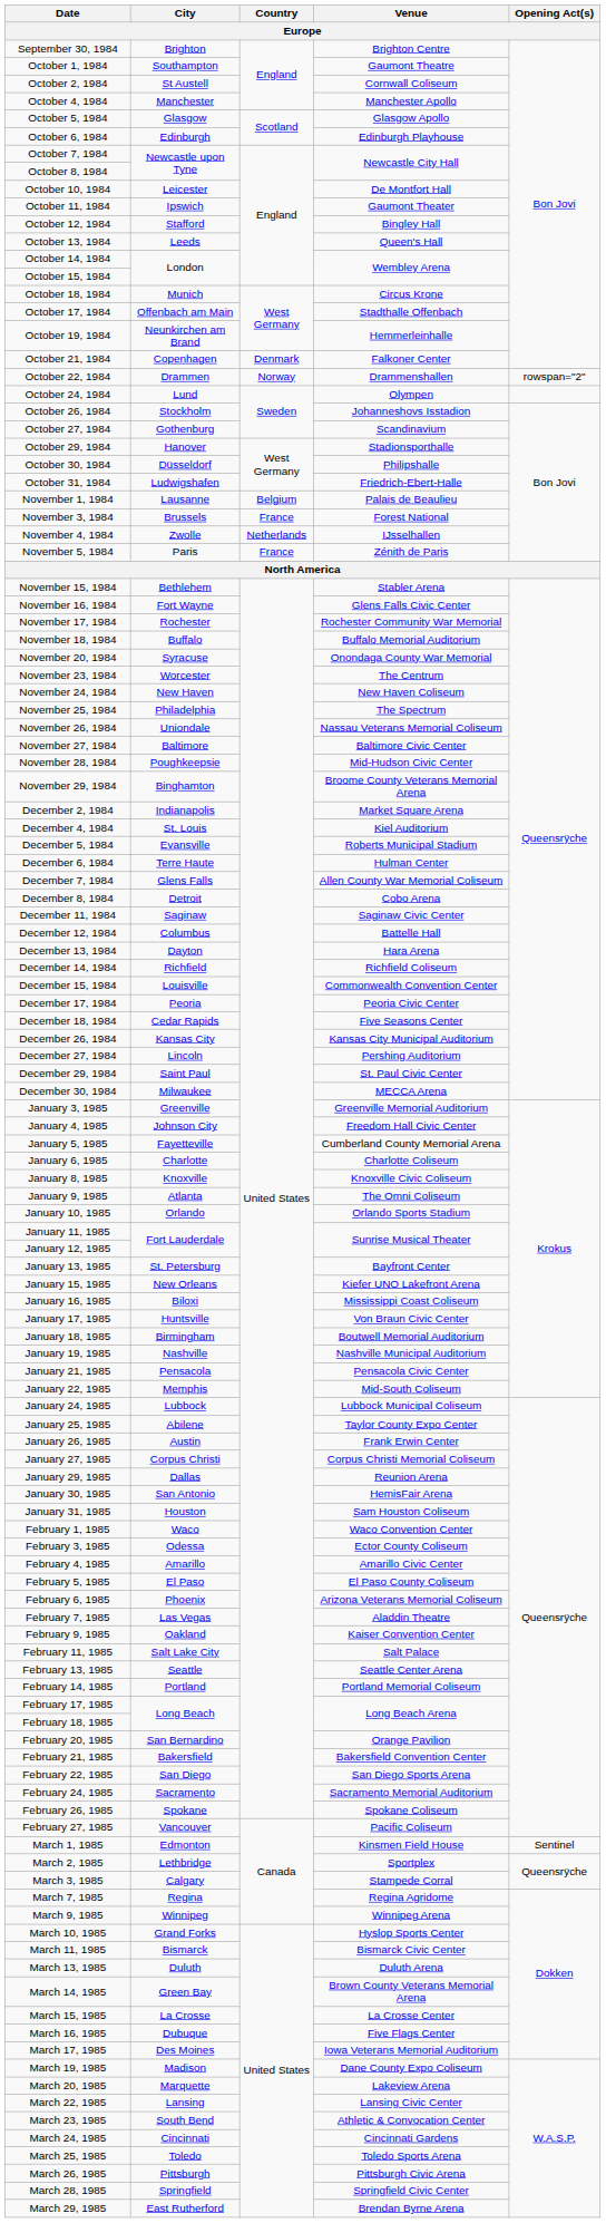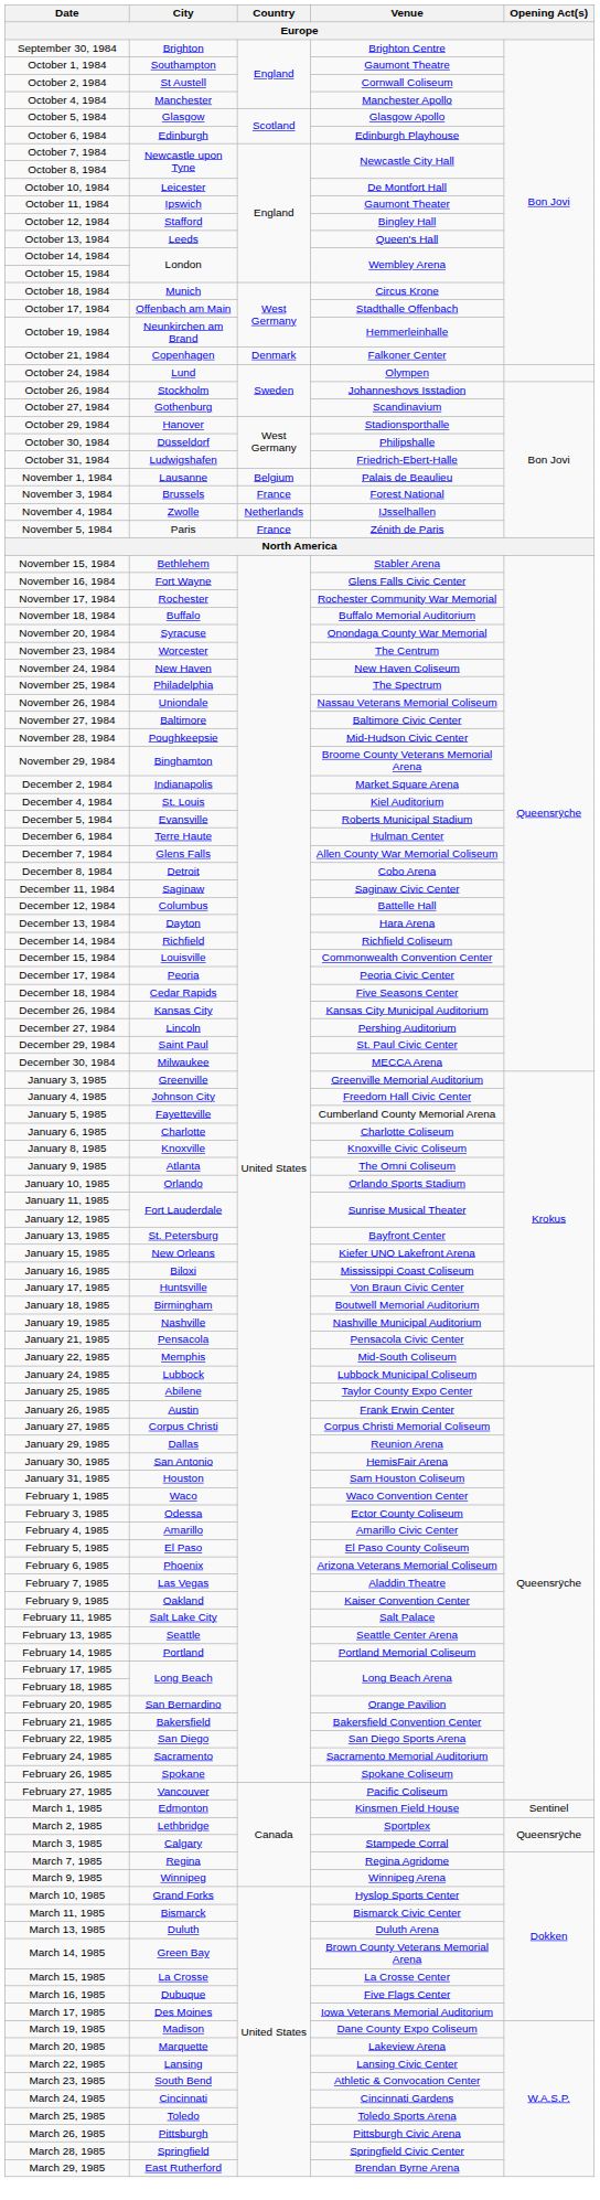 <table class="wikitable" style="text-align:center;">
 <tr>
 <th width="175">Date</th>
 <th width="150">City</th>
 <th width="100">Country</th>
 <th width="275">Venue</th>
 <th width="125">Opening Act(s)</th>
 </tr>
 <tr>
 <th colspan="5">Europe</th>
 </tr>
 <tr>
 <td>September 30, 1984</td>
 <td><a href='#'>Brighton</a></td>
 <td rowspan="4"><a href='#'>England</a></td>
 <td><a href='#'>Brighton Centre</a></td>
 <td rowspan="18"><a href='#'>Bon Jovi</a></td>
 </tr>
 <tr>
 <td>October 1, 1984</td>
 <td><a href='#'>Southampton</a></td>
 <td><a href='#'>Gaumont Theatre</a></td>
 </tr>
 <tr>
 <td>October 2, 1984</td>
 <td><a href='#'>St Austell</a></td>
 <td><a href='#'>Cornwall Coliseum</a></td>
 </tr>
 <tr>
 <td>October 4, 1984</td>
 <td><a href='#'>Manchester</a></td>
 <td><a href='#'>Manchester Apollo</a></td>
 </tr>
 <tr>
 <td>October 5, 1984</td>
 <td><a href='#'>Glasgow</a></td>
 <td rowspan="2"><a href='#'>Scotland</a></td>
 <td><a href='#'>Glasgow Apollo</a></td>
 </tr>
 <tr>
 <td>October 6, 1984</td>
 <td><a href='#'>Edinburgh</a></td>
 <td><a href='#'>Edinburgh Playhouse</a></td>
 </tr>
 <tr>
 <td>October 7, 1984</td>
 <td rowspan="2"><a href='#'>Newcastle upon Tyne</a></td>
 <td rowspan="8">England</td>
 <td rowspan="2"><a href='#'>Newcastle City Hall</a></td>
 </tr>
 <tr>
 <td>October 8, 1984</td>
 </tr>
 <tr>
 <td>October 10, 1984</td>
 <td><a href='#'>Leicester</a></td>
 <td><a href='#'>De Montfort Hall</a></td>
 </tr>
 <tr>
 <td>October 11, 1984</td>
 <td><a href='#'>Ipswich</a></td>
 <td><a href='#'>Gaumont Theater</a></td>
 </tr>
 <tr>
 <td>October 12, 1984</td>
 <td><a href='#'>Stafford</a></td>
 <td><a href='#'>Bingley Hall</a></td>
 </tr>
 <tr>
 <td>October 13, 1984</td>
 <td><a href='#'>Leeds</a></td>
 <td><a href='#'>Queen's Hall</a></td>
 </tr>
 <tr>
 <td>October 14, 1984</td>
 <td rowspan="2">London</td>
 <td rowspan="2"><a href='#'>Wembley Arena</a></td>
 </tr>
 <tr>
 <td>October 15, 1984</td>
 </tr>
 <tr>
 <td>October 18, 1984</td>
 <td><a href='#'>Munich</a></td>
 <td rowspan="3"><a href='#'>West Germany</a></td>
 <td><a href='#'>Circus Krone</a></td>
 </tr>
 <tr>
 <td>October 17, 1984</td>
 <td><a href='#'>Offenbach am Main</a></td>
 <td><a href='#'>Stadthalle Offenbach</a></td>
 </tr>
 <tr>
 <td>October 19, 1984</td>
 <td><a href='#'>Neunkirchen am Brand</a></td>
 <td><a href='#'>Hemmerleinhalle</a></td>
 </tr>
 <tr>
 <td>October 21, 1984</td>
 <td><a href='#'>Copenhagen</a></td>
 <td><a href='#'>Denmark</a></td>
 <td><a href='#'>Falkoner Center</a></td>
-</tr>
-<tr>
-<td>October 22, 1984</td>
-<td><a href='#'>Drammen</a></td>
-<td><a href='#'>Norway</a></td>
-<td><a href='#'>Drammenshallen</a></td>
-<td>rowspan="2" </td>
 </tr>
 <tr>
 <td>October 24, 1984</td>
 <td><a href='#'>Lund</a></td>
 <td rowspan="3"><a href='#'>Sweden</a></td>
 <td><a href='#'>Olympen</a></td>
 </tr>
 <tr>
 <td>October 26, 1984</td>
 <td><a href='#'>Stockholm</a></td>
 <td><a href='#'>Johanneshovs Isstadion</a></td>
 <td rowspan="9">Bon Jovi</td>
 </tr>
 <tr>
 <td>October 27, 1984</td>
 <td><a href='#'>Gothenburg</a></td>
 <td><a href='#'>Scandinavium</a></td>
 </tr>
 <tr>
 <td>October 29, 1984</td>
 <td><a href='#'>Hanover</a></td>
 <td rowspan="3">West Germany</td>
 <td><a href='#'>Stadionsporthalle</a></td>
 </tr>
 <tr>
 <td>October 30, 1984</td>
 <td><a href='#'>Düsseldorf</a></td>
 <td><a href='#'>Philipshalle</a></td>
 </tr>
 <tr>
 <td>October 31, 1984</td>
 <td><a href='#'>Ludwigshafen</a></td>
 <td><a href='#'>Friedrich-Ebert-Halle</a></td>
 </tr>
 <tr>
 <td>November 1, 1984</td>
 <td><a href='#'>Lausanne</a></td>
 <td><a href='#'>Belgium</a></td>
 <td><a href='#'>Palais de Beaulieu</a></td>
 </tr>
 <tr>
 <td>November 3, 1984</td>
 <td><a href='#'>Brussels</a></td>
 <td><a href='#'>France</a></td>
 <td><a href='#'>Forest National</a></td>
 </tr>
 <tr>
 <td>November 4, 1984</td>
 <td><a href='#'>Zwolle</a></td>
 <td><a href='#'>Netherlands</a></td>
 <td><a href='#'>IJsselhallen</a></td>
 </tr>
 <tr>
 <td>November 5, 1984</td>
 <td>Paris</td>
 <td><a href='#'>France</a></td>
 <td><a href='#'>Zénith de Paris</a></td>
 </tr>
 <tr>
 <th colspan="5">North America</th>
 </tr>
 <tr>
 <td>November 15, 1984</td>
 <td><a href='#'>Bethlehem</a></td>
 <td rowspan="70">United States</td>
 <td><a href='#'>Stabler Arena</a></td>
 <td rowspan="29"><a href='#'>Queensrÿche</a></td>
 </tr>
 <tr>
 <td>November 16, 1984</td>
 <td><a href='#'>Fort Wayne</a></td>
 <td><a href='#'>Glens Falls Civic Center</a></td>
 </tr>
 <tr>
 <td>November 17, 1984</td>
 <td><a href='#'>Rochester</a></td>
 <td><a href='#'>Rochester Community War Memorial</a></td>
 </tr>
 <tr>
 <td>November 18, 1984</td>
 <td><a href='#'>Buffalo</a></td>
 <td><a href='#'>Buffalo Memorial Auditorium</a></td>
 </tr>
 <tr>
 <td>November 20, 1984</td>
 <td><a href='#'>Syracuse</a></td>
 <td><a href='#'>Onondaga County War Memorial</a></td>
 </tr>
 <tr>
 <td>November 23, 1984</td>
 <td><a href='#'>Worcester</a></td>
 <td><a href='#'>The Centrum</a></td>
 </tr>
 <tr>
 <td>November 24, 1984</td>
 <td><a href='#'>New Haven</a></td>
 <td><a href='#'>New Haven Coliseum</a></td>
 </tr>
 <tr>
 <td>November 25, 1984</td>
 <td><a href='#'>Philadelphia</a></td>
 <td><a href='#'>The Spectrum</a></td>
 </tr>
 <tr>
 <td>November 26, 1984</td>
 <td><a href='#'>Uniondale</a></td>
 <td><a href='#'>Nassau Veterans Memorial Coliseum</a></td>
 </tr>
 <tr>
 <td>November 27, 1984</td>
 <td><a href='#'>Baltimore</a></td>
 <td><a href='#'>Baltimore Civic Center</a></td>
 </tr>
 <tr>
 <td>November 28, 1984</td>
 <td><a href='#'>Poughkeepsie</a></td>
 <td><a href='#'>Mid-Hudson Civic Center</a></td>
 </tr>
 <tr>
 <td>November 29, 1984</td>
 <td><a href='#'>Binghamton</a></td>
 <td><a href='#'>Broome County Veterans Memorial Arena</a></td>
 </tr>
 <tr>
 <td>December 2, 1984</td>
 <td><a href='#'>Indianapolis</a></td>
 <td><a href='#'>Market Square Arena</a></td>
 </tr>
 <tr>
 <td>December 4, 1984</td>
 <td><a href='#'>St. Louis</a></td>
 <td><a href='#'>Kiel Auditorium</a></td>
 </tr>
 <tr>
 <td>December 5, 1984</td>
 <td><a href='#'>Evansville</a></td>
 <td><a href='#'>Roberts Municipal Stadium</a></td>
 </tr>
 <tr>
 <td>December 6, 1984</td>
 <td><a href='#'>Terre Haute</a></td>
 <td><a href='#'>Hulman Center</a></td>
 </tr>
 <tr>
 <td>December 7, 1984</td>
 <td><a href='#'>Glens Falls</a></td>
 <td><a href='#'>Allen County War Memorial Coliseum</a></td>
 </tr>
 <tr>
 <td>December 8, 1984</td>
 <td><a href='#'>Detroit</a></td>
 <td><a href='#'>Cobo Arena</a></td>
 </tr>
 <tr>
 <td>December 11, 1984</td>
 <td><a href='#'>Saginaw</a></td>
 <td><a href='#'>Saginaw Civic Center</a></td>
 </tr>
 <tr>
 <td>December 12, 1984</td>
 <td><a href='#'>Columbus</a></td>
 <td><a href='#'>Battelle Hall</a></td>
 </tr>
 <tr>
 <td>December 13, 1984</td>
 <td><a href='#'>Dayton</a></td>
 <td><a href='#'>Hara Arena</a></td>
 </tr>
 <tr>
 <td>December 14, 1984</td>
 <td><a href='#'>Richfield</a></td>
 <td><a href='#'>Richfield Coliseum</a></td>
 </tr>
 <tr>
 <td>December 15, 1984</td>
 <td><a href='#'>Louisville</a></td>
 <td><a href='#'>Commonwealth Convention Center</a></td>
 </tr>
 <tr>
 <td>December 17, 1984</td>
 <td><a href='#'>Peoria</a></td>
 <td><a href='#'>Peoria Civic Center</a></td>
 </tr>
 <tr>
 <td>December 18, 1984</td>
 <td><a href='#'>Cedar Rapids</a></td>
 <td><a href='#'>Five Seasons Center</a></td>
 </tr>
 <tr>
 <td>December 26, 1984</td>
 <td><a href='#'>Kansas City</a></td>
 <td><a href='#'>Kansas City Municipal Auditorium</a></td>
 </tr>
 <tr>
 <td>December 27, 1984</td>
 <td><a href='#'>Lincoln</a></td>
 <td><a href='#'>Pershing Auditorium</a></td>
 </tr>
 <tr>
 <td>December 29, 1984</td>
 <td><a href='#'>Saint Paul</a></td>
 <td><a href='#'>St. Paul Civic Center</a></td>
 </tr>
 <tr>
 <td>December 30, 1984</td>
 <td><a href='#'>Milwaukee</a></td>
 <td><a href='#'>MECCA Arena</a></td>
 </tr>
 <tr>
 <td>January 3, 1985</td>
 <td><a href='#'>Greenville</a></td>
 <td><a href='#'>Greenville Memorial Auditorium</a></td>
 <td rowspan="17"><a href='#'>Krokus</a></td>
 </tr>
 <tr>
 <td>January 4, 1985</td>
 <td><a href='#'>Johnson City</a></td>
 <td><a href='#'>Freedom Hall Civic Center</a></td>
 </tr>
 <tr>
 <td>January 5, 1985</td>
 <td><a href='#'>Fayetteville</a></td>
 <td>Cumberland County Memorial Arena</td>
 </tr>
 <tr>
 <td>January 6, 1985</td>
 <td><a href='#'>Charlotte</a></td>
 <td><a href='#'>Charlotte Coliseum</a></td>
 </tr>
 <tr>
 <td>January 8, 1985</td>
 <td><a href='#'>Knoxville</a></td>
 <td><a href='#'>Knoxville Civic Coliseum</a></td>
 </tr>
 <tr>
 <td>January 9, 1985</td>
 <td><a href='#'>Atlanta</a></td>
 <td><a href='#'>The Omni Coliseum</a></td>
 </tr>
 <tr>
 <td>January 10, 1985</td>
 <td><a href='#'>Orlando</a></td>
 <td><a href='#'>Orlando Sports Stadium</a></td>
 </tr>
 <tr>
 <td>January 11, 1985</td>
 <td rowspan="2"><a href='#'>Fort Lauderdale</a></td>
 <td rowspan="2"><a href='#'>Sunrise Musical Theater</a></td>
 </tr>
 <tr>
 <td>January 12, 1985</td>
 </tr>
 <tr>
 <td>January 13, 1985</td>
 <td><a href='#'>St. Petersburg</a></td>
 <td><a href='#'>Bayfront Center</a></td>
 </tr>
 <tr>
 <td>January 15, 1985</td>
 <td><a href='#'>New Orleans</a></td>
 <td><a href='#'>Kiefer UNO Lakefront Arena</a></td>
 </tr>
 <tr>
 <td>January 16, 1985</td>
 <td><a href='#'>Biloxi</a></td>
 <td><a href='#'>Mississippi Coast Coliseum</a></td>
 </tr>
 <tr>
 <td>January 17, 1985</td>
 <td><a href='#'>Huntsville</a></td>
 <td><a href='#'>Von Braun Civic Center</a></td>
 </tr>
 <tr>
 <td>January 18, 1985</td>
 <td><a href='#'>Birmingham</a></td>
 <td><a href='#'>Boutwell Memorial Auditorium</a></td>
 </tr>
 <tr>
 <td>January 19, 1985</td>
 <td><a href='#'>Nashville</a></td>
 <td><a href='#'>Nashville Municipal Auditorium</a></td>
 </tr>
 <tr>
 <td>January 21, 1985</td>
 <td><a href='#'>Pensacola</a></td>
 <td><a href='#'>Pensacola Civic Center</a></td>
 </tr>
 <tr>
 <td>January 22, 1985</td>
 <td><a href='#'>Memphis</a></td>
 <td><a href='#'>Mid-South Coliseum</a></td>
 </tr>
 <tr>
 <td>January 24, 1985</td>
 <td><a href='#'>Lubbock</a></td>
 <td><a href='#'>Lubbock Municipal Coliseum</a></td>
 <td rowspan="25">Queensrÿche</td>
 </tr>
 <tr>
 <td>January 25, 1985</td>
 <td><a href='#'>Abilene</a></td>
 <td><a href='#'>Taylor County Expo Center</a></td>
 </tr>
 <tr>
 <td>January 26, 1985</td>
 <td><a href='#'>Austin</a></td>
 <td><a href='#'>Frank Erwin Center</a></td>
 </tr>
 <tr>
 <td>January 27, 1985</td>
 <td><a href='#'>Corpus Christi</a></td>
 <td><a href='#'>Corpus Christi Memorial Coliseum</a></td>
 </tr>
 <tr>
 <td>January 29, 1985</td>
 <td><a href='#'>Dallas</a></td>
 <td><a href='#'>Reunion Arena</a></td>
 </tr>
 <tr>
 <td>January 30, 1985</td>
 <td><a href='#'>San Antonio</a></td>
 <td><a href='#'>HemisFair Arena</a></td>
 </tr>
 <tr>
 <td>January 31, 1985</td>
 <td><a href='#'>Houston</a></td>
 <td><a href='#'>Sam Houston Coliseum</a></td>
 </tr>
 <tr>
 <td>February 1, 1985</td>
 <td><a href='#'>Waco</a></td>
 <td><a href='#'>Waco Convention Center</a></td>
 </tr>
 <tr>
 <td>February 3, 1985</td>
 <td><a href='#'>Odessa</a></td>
 <td><a href='#'>Ector County Coliseum</a></td>
 </tr>
 <tr>
 <td>February 4, 1985</td>
 <td><a href='#'>Amarillo</a></td>
 <td><a href='#'>Amarillo Civic Center</a></td>
 </tr>
 <tr>
 <td>February 5, 1985</td>
 <td><a href='#'>El Paso</a></td>
 <td><a href='#'>El Paso County Coliseum</a></td>
 </tr>
 <tr>
 <td>February 6, 1985</td>
 <td><a href='#'>Phoenix</a></td>
 <td><a href='#'>Arizona Veterans Memorial Coliseum</a></td>
 </tr>
 <tr>
 <td>February 7, 1985</td>
 <td><a href='#'>Las Vegas</a></td>
 <td><a href='#'>Aladdin Theatre</a></td>
 </tr>
 <tr>
 <td>February 9, 1985</td>
 <td><a href='#'>Oakland</a></td>
 <td><a href='#'>Kaiser Convention Center</a></td>
 </tr>
 <tr>
 <td>February 11, 1985</td>
 <td><a href='#'>Salt Lake City</a></td>
 <td><a href='#'>Salt Palace</a></td>
 </tr>
 <tr>
 <td>February 13, 1985</td>
 <td><a href='#'>Seattle</a></td>
 <td><a href='#'>Seattle Center Arena</a></td>
 </tr>
 <tr>
 <td>February 14, 1985</td>
 <td><a href='#'>Portland</a></td>
 <td><a href='#'>Portland Memorial Coliseum</a></td>
 </tr>
 <tr>
 <td>February 17, 1985</td>
 <td rowspan="2"><a href='#'>Long Beach</a></td>
 <td rowspan="2"><a href='#'>Long Beach Arena</a></td>
 </tr>
 <tr>
 <td>February 18, 1985</td>
 </tr>
 <tr>
 <td>February 20, 1985</td>
 <td><a href='#'>San Bernardino</a></td>
 <td><a href='#'>Orange Pavilion</a></td>
 </tr>
 <tr>
 <td>February 21, 1985</td>
 <td><a href='#'>Bakersfield</a></td>
 <td><a href='#'>Bakersfield Convention Center</a></td>
 </tr>
 <tr>
 <td>February 22, 1985</td>
 <td><a href='#'>San Diego</a></td>
 <td><a href='#'>San Diego Sports Arena</a></td>
 </tr>
 <tr>
 <td>February 24, 1985</td>
 <td><a href='#'>Sacramento</a></td>
 <td><a href='#'>Sacramento Memorial Auditorium</a></td>
 </tr>
 <tr>
 <td>February 26, 1985</td>
 <td><a href='#'>Spokane</a></td>
 <td><a href='#'>Spokane Coliseum</a></td>
 </tr>
 <tr>
 <td>February 27, 1985</td>
 <td><a href='#'>Vancouver</a></td>
 <td rowspan="6">Canada</td>
 <td><a href='#'>Pacific Coliseum</a></td>
 </tr>
 <tr>
 <td>March 1, 1985</td>
 <td><a href='#'>Edmonton</a></td>
 <td><a href='#'>Kinsmen Field House</a></td>
 <td>Sentinel</td>
 </tr>
 <tr>
 <td>March 2, 1985</td>
 <td><a href='#'>Lethbridge</a></td>
 <td><a href='#'>Sportplex</a></td>
 <td rowspan="2">Queensrÿche</td>
 </tr>
 <tr>
 <td>March 3, 1985</td>
 <td><a href='#'>Calgary</a></td>
 <td><a href='#'>Stampede Corral</a></td>
 </tr>
 <tr>
 <td>March 7, 1985</td>
 <td><a href='#'>Regina</a></td>
 <td><a href='#'>Regina Agridome</a></td>
 <td rowspan="9"><a href='#'>Dokken</a></td>
 </tr>
 <tr>
 <td>March 9, 1985</td>
 <td><a href='#'>Winnipeg</a></td>
 <td><a href='#'>Winnipeg Arena</a></td>
 </tr>
 <tr>
 <td>March 10, 1985</td>
 <td><a href='#'>Grand Forks</a></td>
 <td rowspan="16">United States</td>
 <td><a href='#'>Hyslop Sports Center</a></td>
 </tr>
 <tr>
 <td>March 11, 1985</td>
 <td><a href='#'>Bismarck</a></td>
 <td><a href='#'>Bismarck Civic Center</a></td>
 </tr>
 <tr>
 <td>March 13, 1985</td>
 <td><a href='#'>Duluth</a></td>
 <td><a href='#'>Duluth Arena</a></td>
 </tr>
 <tr>
 <td>March 14, 1985</td>
 <td><a href='#'>Green Bay</a></td>
 <td><a href='#'>Brown County Veterans Memorial Arena</a></td>
 </tr>
 <tr>
 <td>March 15, 1985</td>
 <td><a href='#'>La Crosse</a></td>
 <td><a href='#'>La Crosse Center</a></td>
 </tr>
 <tr>
 <td>March 16, 1985</td>
 <td><a href='#'>Dubuque</a></td>
 <td><a href='#'>Five Flags Center</a></td>
 </tr>
 <tr>
 <td>March 17, 1985</td>
 <td><a href='#'>Des Moines</a></td>
 <td><a href='#'>Iowa Veterans Memorial Auditorium</a></td>
 </tr>
 <tr>
 <td>March 19, 1985</td>
 <td><a href='#'>Madison</a></td>
 <td><a href='#'>Dane County Expo Coliseum</a></td>
 <td rowspan="9"><a href='#'>W.A.S.P.</a></td>
 </tr>
 <tr>
 <td>March 20, 1985</td>
 <td><a href='#'>Marquette</a></td>
 <td><a href='#'>Lakeview Arena</a></td>
 </tr>
 <tr>
 <td>March 22, 1985</td>
 <td><a href='#'>Lansing</a></td>
 <td><a href='#'>Lansing Civic Center</a></td>
 </tr>
 <tr>
 <td>March 23, 1985</td>
 <td><a href='#'>South Bend</a></td>
 <td><a href='#'>Athletic & Convocation Center</a></td>
 </tr>
 <tr>
 <td>March 24, 1985</td>
 <td><a href='#'>Cincinnati</a></td>
 <td><a href='#'>Cincinnati Gardens</a></td>
 </tr>
 <tr>
 <td>March 25, 1985</td>
 <td><a href='#'>Toledo</a></td>
 <td><a href='#'>Toledo Sports Arena</a></td>
 </tr>
 <tr>
 <td>March 26, 1985</td>
 <td><a href='#'>Pittsburgh</a></td>
 <td><a href='#'>Pittsburgh Civic Arena</a></td>
 </tr>
 <tr>
 <td>March 28, 1985</td>
 <td><a href='#'>Springfield</a></td>
 <td><a href='#'>Springfield Civic Center</a></td>
 </tr>
 <tr>
 <td>March 29, 1985</td>
 <td><a href='#'>East Rutherford</a></td>
 <td><a href='#'>Brendan Byrne Arena</a></td>
 </tr>
 </table>
